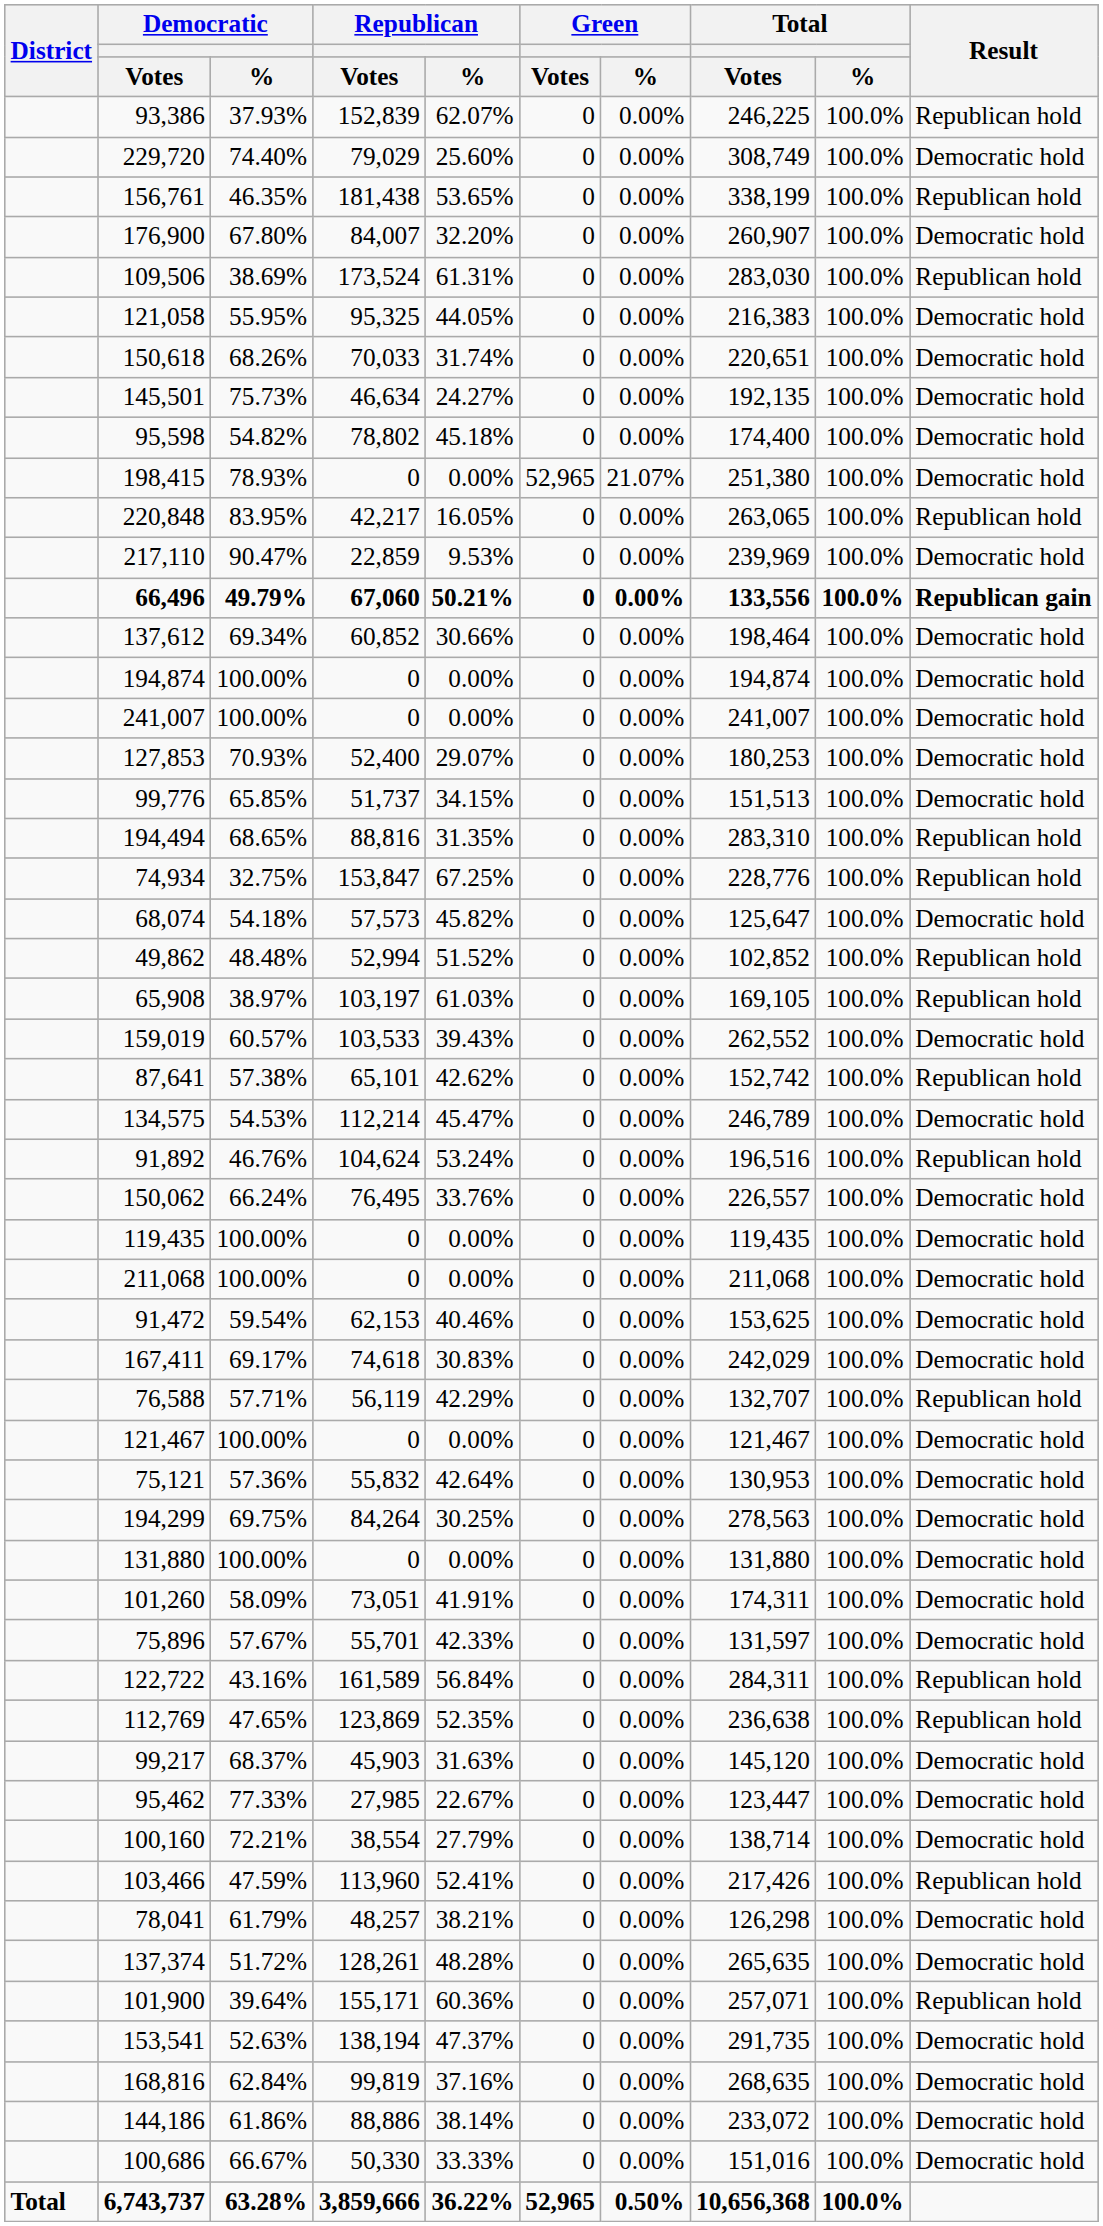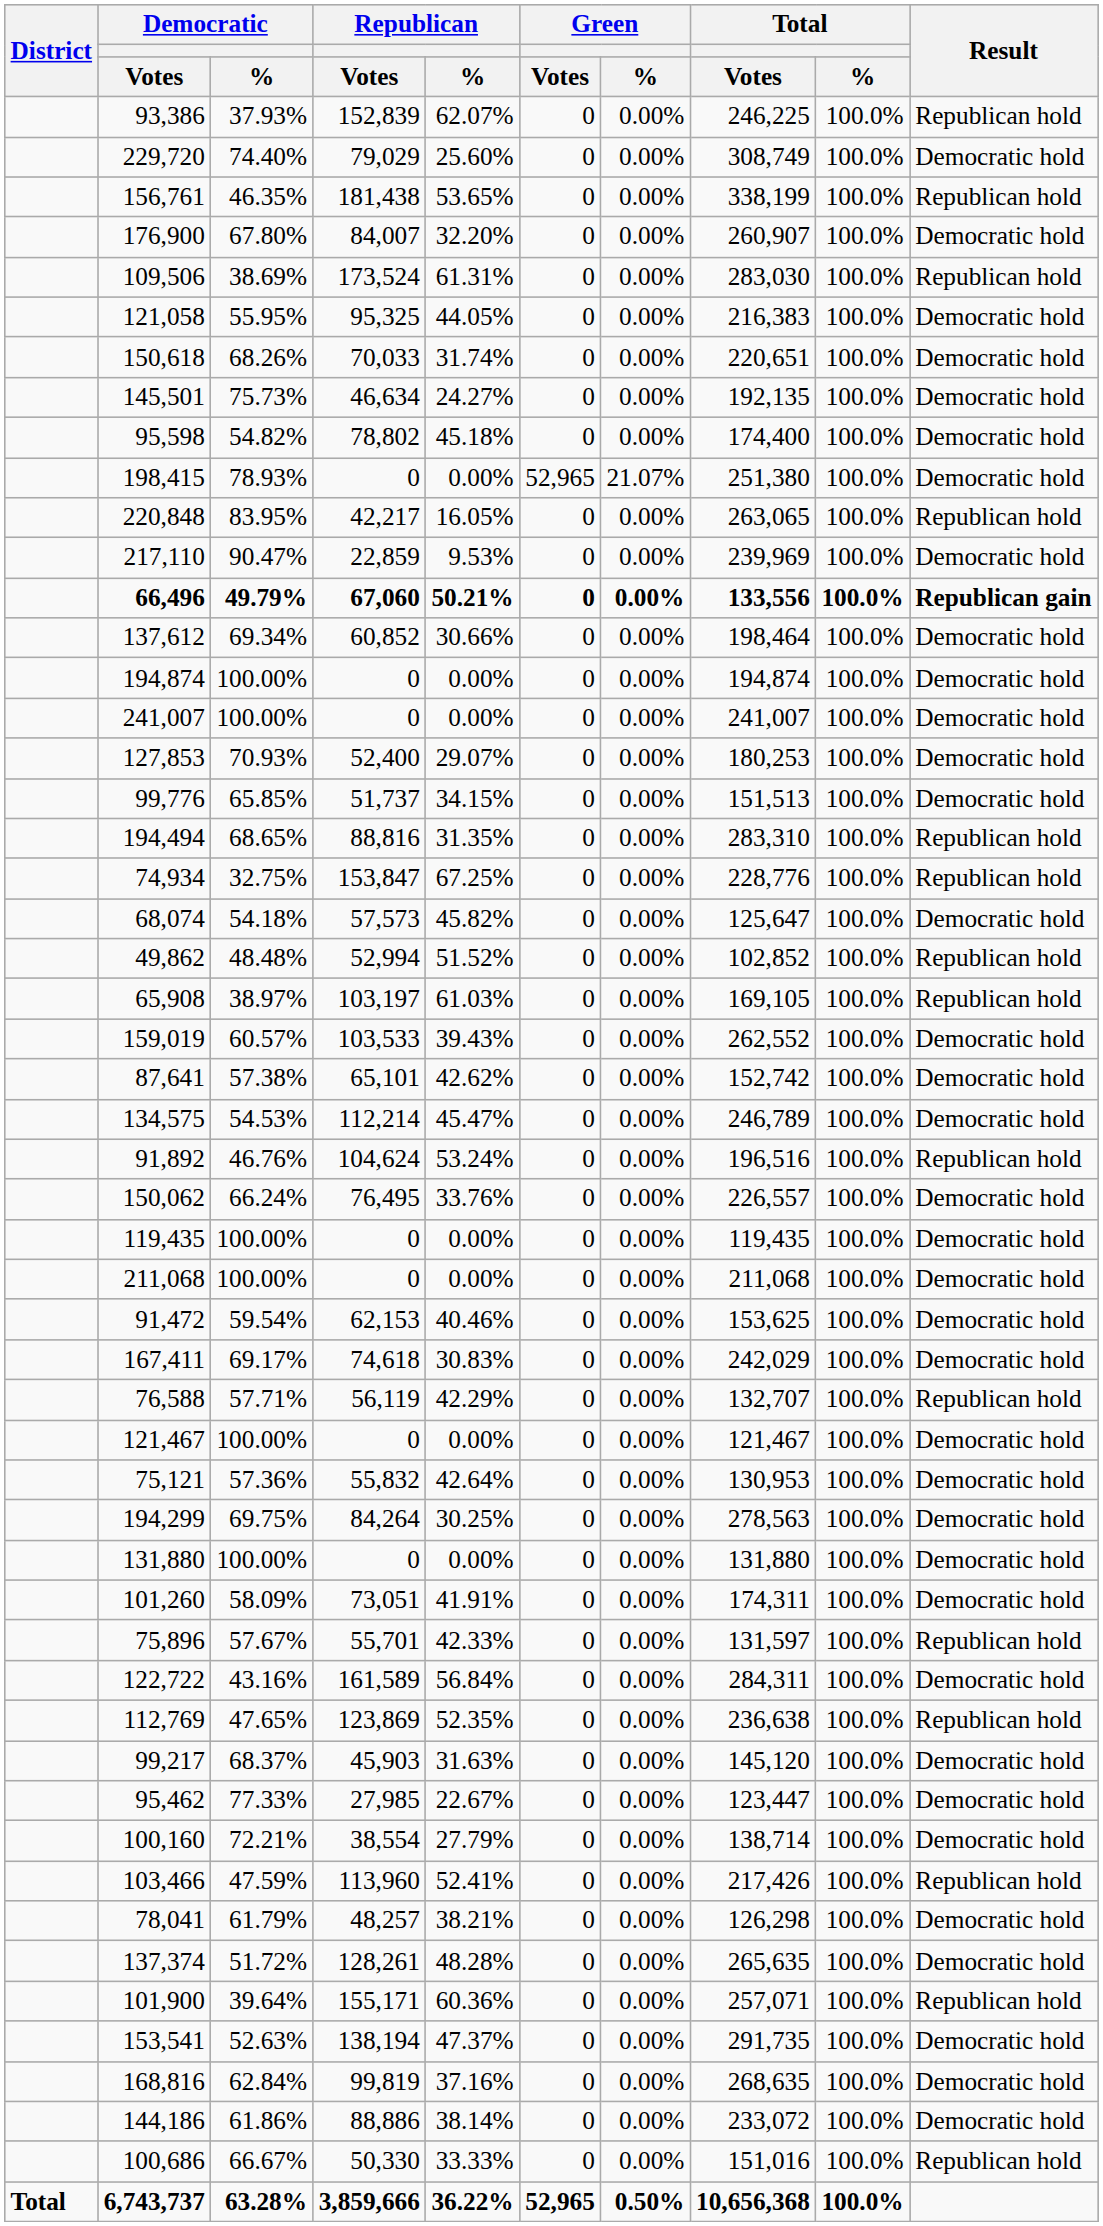 <table class="wikitable plainrowheaders sortable" style="font-size:100%; text-align:right;">
 <tr>
 <th scope=col rowspan=3><a href='#'>District</a></th>
 <th scope=col colspan=2><a href='#'>Democratic</a></th>
 <th scope=col colspan=2><a href='#'>Republican</a></th>
 <th scope=col colspan=2><a href='#'>Green</a></th>
 <th scope=col colspan=2>Total</th>
 <th scope=col rowspan=3>Result</th>
 </tr>
 <tr>
 <th scope=col colspan=2 style="background:"></th>
 <th scope=col colspan=2 style="background:"></th>
 <th scope=col colspan=2 style="background:"></th>
 <th scope=col colspan=2></th>
 </tr>
 <tr>
 <th scope=col data-sort-type="number">Votes</th>
 <th scope=col data-sort-type="number">%</th>
 <th scope=col data-sort-type="number">Votes</th>
 <th scope=col data-sort-type="number">%</th>
 <th scope=col data-sort-type="number">Votes</th>
 <th scope=col data-sort-type="number">%</th>
 <th scope=col data-sort-type="number">Votes</th>
 <th scope=col data-sort-type="number">%</th>
 </tr>
 <tr>
 <td align=left></td>
 <td>93,386</td>
 <td>37.93%</td>
 <td>152,839</td>
 <td>62.07%</td>
 <td>0</td>
 <td>0.00%</td>
 <td>246,225</td>
 <td>100.0%</td>
 <td align=left>Republican hold</td>
 </tr>
 <tr>
 <td align=left></td>
 <td>229,720</td>
 <td>74.40%</td>
 <td>79,029</td>
 <td>25.60%</td>
 <td>0</td>
 <td>0.00%</td>
 <td>308,749</td>
 <td>100.0%</td>
 <td align=left>Democratic hold</td>
 </tr>
 <tr>
 <td align=left></td>
 <td>156,761</td>
 <td>46.35%</td>
 <td>181,438</td>
 <td>53.65%</td>
 <td>0</td>
 <td>0.00%</td>
 <td>338,199</td>
 <td>100.0%</td>
 <td align=left>Republican hold</td>
 </tr>
 <tr>
 <td align=left></td>
 <td>176,900</td>
 <td>67.80%</td>
 <td>84,007</td>
 <td>32.20%</td>
 <td>0</td>
 <td>0.00%</td>
 <td>260,907</td>
 <td>100.0%</td>
 <td align=left>Democratic hold</td>
 </tr>
 <tr>
 <td align=left></td>
 <td>109,506</td>
 <td>38.69%</td>
 <td>173,524</td>
 <td>61.31%</td>
 <td>0</td>
 <td>0.00%</td>
 <td>283,030</td>
 <td>100.0%</td>
 <td align=left>Republican hold</td>
 </tr>
 <tr>
 <td align=left></td>
 <td>121,058</td>
 <td>55.95%</td>
 <td>95,325</td>
 <td>44.05%</td>
 <td>0</td>
 <td>0.00%</td>
 <td>216,383</td>
 <td>100.0%</td>
 <td align=left>Democratic hold</td>
 </tr>
 <tr>
 <td align=left></td>
 <td>150,618</td>
 <td>68.26%</td>
 <td>70,033</td>
 <td>31.74%</td>
 <td>0</td>
 <td>0.00%</td>
 <td>220,651</td>
 <td>100.0%</td>
 <td align=left>Democratic hold</td>
 </tr>
 <tr>
 <td align=left></td>
 <td>145,501</td>
 <td>75.73%</td>
 <td>46,634</td>
 <td>24.27%</td>
 <td>0</td>
 <td>0.00%</td>
 <td>192,135</td>
 <td>100.0%</td>
 <td align=left>Democratic hold</td>
 </tr>
 <tr>
 <td align=left></td>
 <td>95,598</td>
 <td>54.82%</td>
 <td>78,802</td>
 <td>45.18%</td>
 <td>0</td>
 <td>0.00%</td>
 <td>174,400</td>
 <td>100.0%</td>
 <td align=left>Democratic hold</td>
 </tr>
 <tr>
 <td align=left></td>
 <td>198,415</td>
 <td>78.93%</td>
 <td>0</td>
 <td>0.00%</td>
 <td>52,965</td>
 <td>21.07%</td>
 <td>251,380</td>
 <td>100.0%</td>
 <td align=left>Democratic hold</td>
 </tr>
 <tr>
 <td align=left></td>
 <td>220,848</td>
 <td>83.95%</td>
 <td>42,217</td>
 <td>16.05%</td>
 <td>0</td>
 <td>0.00%</td>
 <td>263,065</td>
 <td>100.0%</td>
 <td align=left>Republican hold</td>
 </tr>
 <tr>
 <td align=left></td>
 <td>217,110</td>
 <td>90.47%</td>
 <td>22,859</td>
 <td>9.53%</td>
 <td>0</td>
 <td>0.00%</td>
 <td>239,969</td>
 <td>100.0%</td>
 <td align=left>Democratic hold</td>
 </tr>
 <tr>
 <td align=left><strong></strong></td>
 <td><strong>66,496</strong></td>
 <td><strong>49.79%</strong></td>
 <td><strong>67,060</strong></td>
 <td><strong>50.21%</strong></td>
 <td><strong>0</strong></td>
 <td><strong>0.00%</strong></td>
 <td><strong>133,556</strong></td>
 <td><strong>100.0%</strong></td>
 <td align=left><strong>Republican gain</strong></td>
 </tr>
 <tr>
 <td align=left></td>
 <td>137,612</td>
 <td>69.34%</td>
 <td>60,852</td>
 <td>30.66%</td>
 <td>0</td>
 <td>0.00%</td>
 <td>198,464</td>
 <td>100.0%</td>
 <td align=left>Democratic hold</td>
 </tr>
 <tr>
 <td align=left></td>
 <td>194,874</td>
 <td>100.00%</td>
 <td>0</td>
 <td>0.00%</td>
 <td>0</td>
 <td>0.00%</td>
 <td>194,874</td>
 <td>100.0%</td>
 <td align=left>Democratic hold</td>
 </tr>
 <tr>
 <td align=left></td>
 <td>241,007</td>
 <td>100.00%</td>
 <td>0</td>
 <td>0.00%</td>
 <td>0</td>
 <td>0.00%</td>
 <td>241,007</td>
 <td>100.0%</td>
 <td align=left>Democratic hold</td>
 </tr>
 <tr>
 <td align=left></td>
 <td>127,853</td>
 <td>70.93%</td>
 <td>52,400</td>
 <td>29.07%</td>
 <td>0</td>
 <td>0.00%</td>
 <td>180,253</td>
 <td>100.0%</td>
 <td align=left>Democratic hold</td>
 </tr>
 <tr>
 <td align=left></td>
 <td>99,776</td>
 <td>65.85%</td>
 <td>51,737</td>
 <td>34.15%</td>
 <td>0</td>
 <td>0.00%</td>
 <td>151,513</td>
 <td>100.0%</td>
 <td align=left>Democratic hold</td>
 </tr>
 <tr>
 <td align=left></td>
 <td>194,494</td>
 <td>68.65%</td>
 <td>88,816</td>
 <td>31.35%</td>
 <td>0</td>
 <td>0.00%</td>
 <td>283,310</td>
 <td>100.0%</td>
 <td align=left>Republican hold</td>
 </tr>
 <tr>
 <td align=left></td>
 <td>74,934</td>
 <td>32.75%</td>
 <td>153,847</td>
 <td>67.25%</td>
 <td>0</td>
 <td>0.00%</td>
 <td>228,776</td>
 <td>100.0%</td>
 <td align=left>Republican hold</td>
 </tr>
 <tr>
 <td align=left></td>
 <td>68,074</td>
 <td>54.18%</td>
 <td>57,573</td>
 <td>45.82%</td>
 <td>0</td>
 <td>0.00%</td>
 <td>125,647</td>
 <td>100.0%</td>
 <td align=left>Democratic hold</td>
 </tr>
 <tr>
 <td align=left></td>
 <td>49,862</td>
 <td>48.48%</td>
 <td>52,994</td>
 <td>51.52%</td>
 <td>0</td>
 <td>0.00%</td>
 <td>102,852</td>
 <td>100.0%</td>
 <td align=left>Republican hold</td>
 </tr>
 <tr>
 <td align=left></td>
 <td>65,908</td>
 <td>38.97%</td>
 <td>103,197</td>
 <td>61.03%</td>
 <td>0</td>
 <td>0.00%</td>
 <td>169,105</td>
 <td>100.0%</td>
 <td align=left>Republican hold</td>
 </tr>
 <tr>
 <td align=left></td>
 <td>159,019</td>
 <td>60.57%</td>
 <td>103,533</td>
 <td>39.43%</td>
 <td>0</td>
 <td>0.00%</td>
 <td>262,552</td>
 <td>100.0%</td>
 <td align=left>Democratic hold</td>
 </tr>
 <tr>
 <td align=left></td>
 <td>87,641</td>
 <td>57.38%</td>
 <td>65,101</td>
 <td>42.62%</td>
 <td>0</td>
 <td>0.00%</td>
 <td>152,742</td>
 <td>100.0%</td>
-<td align=left>Republican hold</td>
+<td align=left>Democratic hold</td>
 </tr>
 <tr>
 <td align=left></td>
 <td>134,575</td>
 <td>54.53%</td>
 <td>112,214</td>
 <td>45.47%</td>
 <td>0</td>
 <td>0.00%</td>
 <td>246,789</td>
 <td>100.0%</td>
 <td align=left>Democratic hold</td>
 </tr>
 <tr>
 <td align=left></td>
 <td>91,892</td>
 <td>46.76%</td>
 <td>104,624</td>
 <td>53.24%</td>
 <td>0</td>
 <td>0.00%</td>
 <td>196,516</td>
 <td>100.0%</td>
 <td align=left>Republican hold</td>
 </tr>
 <tr>
 <td align=left></td>
 <td>150,062</td>
 <td>66.24%</td>
 <td>76,495</td>
 <td>33.76%</td>
 <td>0</td>
 <td>0.00%</td>
 <td>226,557</td>
 <td>100.0%</td>
 <td align=left>Democratic hold</td>
 </tr>
 <tr>
 <td align=left></td>
 <td>119,435</td>
 <td>100.00%</td>
 <td>0</td>
 <td>0.00%</td>
 <td>0</td>
 <td>0.00%</td>
 <td>119,435</td>
 <td>100.0%</td>
 <td align=left>Democratic hold</td>
 </tr>
 <tr>
 <td align=left></td>
 <td>211,068</td>
 <td>100.00%</td>
 <td>0</td>
 <td>0.00%</td>
 <td>0</td>
 <td>0.00%</td>
 <td>211,068</td>
 <td>100.0%</td>
 <td align=left>Democratic hold</td>
 </tr>
 <tr>
 <td align=left></td>
 <td>91,472</td>
 <td>59.54%</td>
 <td>62,153</td>
 <td>40.46%</td>
 <td>0</td>
 <td>0.00%</td>
 <td>153,625</td>
 <td>100.0%</td>
 <td align=left>Democratic hold</td>
 </tr>
 <tr>
 <td align=left></td>
 <td>167,411</td>
 <td>69.17%</td>
 <td>74,618</td>
 <td>30.83%</td>
 <td>0</td>
 <td>0.00%</td>
 <td>242,029</td>
 <td>100.0%</td>
 <td align=left>Democratic hold</td>
 </tr>
 <tr>
 <td align=left></td>
 <td>76,588</td>
 <td>57.71%</td>
 <td>56,119</td>
 <td>42.29%</td>
 <td>0</td>
 <td>0.00%</td>
 <td>132,707</td>
 <td>100.0%</td>
 <td align=left>Republican hold</td>
 </tr>
 <tr>
 <td align=left></td>
 <td>121,467</td>
 <td>100.00%</td>
 <td>0</td>
 <td>0.00%</td>
 <td>0</td>
 <td>0.00%</td>
 <td>121,467</td>
 <td>100.0%</td>
 <td align=left>Democratic hold</td>
 </tr>
 <tr>
 <td align=left></td>
 <td>75,121</td>
 <td>57.36%</td>
 <td>55,832</td>
 <td>42.64%</td>
 <td>0</td>
 <td>0.00%</td>
 <td>130,953</td>
 <td>100.0%</td>
 <td align=left>Democratic hold</td>
 </tr>
 <tr>
 <td align=left></td>
 <td>194,299</td>
 <td>69.75%</td>
 <td>84,264</td>
 <td>30.25%</td>
 <td>0</td>
 <td>0.00%</td>
 <td>278,563</td>
 <td>100.0%</td>
 <td align=left>Democratic hold</td>
 </tr>
 <tr>
 <td align=left></td>
 <td>131,880</td>
 <td>100.00%</td>
 <td>0</td>
 <td>0.00%</td>
 <td>0</td>
 <td>0.00%</td>
 <td>131,880</td>
 <td>100.0%</td>
 <td align=left>Democratic hold</td>
 </tr>
 <tr>
 <td align=left></td>
 <td>101,260</td>
 <td>58.09%</td>
 <td>73,051</td>
 <td>41.91%</td>
 <td>0</td>
 <td>0.00%</td>
 <td>174,311</td>
 <td>100.0%</td>
 <td align=left>Democratic hold</td>
 </tr>
 <tr>
 <td align=left></td>
 <td>75,896</td>
 <td>57.67%</td>
 <td>55,701</td>
 <td>42.33%</td>
 <td>0</td>
 <td>0.00%</td>
 <td>131,597</td>
 <td>100.0%</td>
-<td align=left>Democratic hold</td>
+<td align=left>Republican hold</td>
 </tr>
 <tr>
 <td align=left></td>
 <td>122,722</td>
 <td>43.16%</td>
 <td>161,589</td>
 <td>56.84%</td>
 <td>0</td>
 <td>0.00%</td>
 <td>284,311</td>
 <td>100.0%</td>
-<td align=left>Republican hold</td>
+<td align=left>Democratic hold</td>
 </tr>
 <tr>
 <td align=left></td>
 <td>112,769</td>
 <td>47.65%</td>
 <td>123,869</td>
 <td>52.35%</td>
 <td>0</td>
 <td>0.00%</td>
 <td>236,638</td>
 <td>100.0%</td>
 <td align=left>Republican hold</td>
 </tr>
 <tr>
 <td align=left></td>
 <td>99,217</td>
 <td>68.37%</td>
 <td>45,903</td>
 <td>31.63%</td>
 <td>0</td>
 <td>0.00%</td>
 <td>145,120</td>
 <td>100.0%</td>
 <td align=left>Democratic hold</td>
 </tr>
 <tr>
 <td align=left></td>
 <td>95,462</td>
 <td>77.33%</td>
 <td>27,985</td>
 <td>22.67%</td>
 <td>0</td>
 <td>0.00%</td>
 <td>123,447</td>
 <td>100.0%</td>
 <td align=left>Democratic hold</td>
 </tr>
 <tr>
 <td align=left></td>
 <td>100,160</td>
 <td>72.21%</td>
 <td>38,554</td>
 <td>27.79%</td>
 <td>0</td>
 <td>0.00%</td>
 <td>138,714</td>
 <td>100.0%</td>
 <td align=left>Democratic hold</td>
 </tr>
 <tr>
 <td align=left></td>
 <td>103,466</td>
 <td>47.59%</td>
 <td>113,960</td>
 <td>52.41%</td>
 <td>0</td>
 <td>0.00%</td>
 <td>217,426</td>
 <td>100.0%</td>
 <td align=left>Republican hold</td>
 </tr>
 <tr>
 <td align=left></td>
 <td>78,041</td>
 <td>61.79%</td>
 <td>48,257</td>
 <td>38.21%</td>
 <td>0</td>
 <td>0.00%</td>
 <td>126,298</td>
 <td>100.0%</td>
 <td align=left>Democratic hold</td>
 </tr>
 <tr>
 <td align=left></td>
 <td>137,374</td>
 <td>51.72%</td>
 <td>128,261</td>
 <td>48.28%</td>
 <td>0</td>
 <td>0.00%</td>
 <td>265,635</td>
 <td>100.0%</td>
 <td align=left>Democratic hold</td>
 </tr>
 <tr>
 <td align=left></td>
 <td>101,900</td>
 <td>39.64%</td>
 <td>155,171</td>
 <td>60.36%</td>
 <td>0</td>
 <td>0.00%</td>
 <td>257,071</td>
 <td>100.0%</td>
 <td align=left>Republican hold</td>
 </tr>
 <tr>
 <td align=left></td>
 <td>153,541</td>
 <td>52.63%</td>
 <td>138,194</td>
 <td>47.37%</td>
 <td>0</td>
 <td>0.00%</td>
 <td>291,735</td>
 <td>100.0%</td>
 <td align=left>Democratic hold</td>
 </tr>
 <tr>
 <td align=left></td>
 <td>168,816</td>
 <td>62.84%</td>
 <td>99,819</td>
 <td>37.16%</td>
 <td>0</td>
 <td>0.00%</td>
 <td>268,635</td>
 <td>100.0%</td>
 <td align=left>Democratic hold</td>
 </tr>
 <tr>
 <td align=left></td>
 <td>144,186</td>
 <td>61.86%</td>
 <td>88,886</td>
 <td>38.14%</td>
 <td>0</td>
 <td>0.00%</td>
 <td>233,072</td>
 <td>100.0%</td>
 <td align=left>Democratic hold</td>
 </tr>
 <tr>
 <td align=left></td>
 <td>100,686</td>
 <td>66.67%</td>
 <td>50,330</td>
 <td>33.33%</td>
 <td>0</td>
 <td>0.00%</td>
 <td>151,016</td>
 <td>100.0%</td>
-<td align=left>Democratic hold</td>
+<td align=left>Republican hold</td>
 </tr>
 <tr class="sortbottom" style="font-weight:bold">
 <td align=left>Total</td>
 <td>6,743,737</td>
 <td>63.28%</td>
 <td>3,859,666</td>
 <td>36.22%</td>
 <td>52,965</td>
 <td>0.50%</td>
 <td>10,656,368</td>
 <td>100.0%</td>
 </tr>
 </table>
